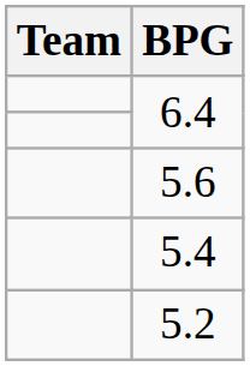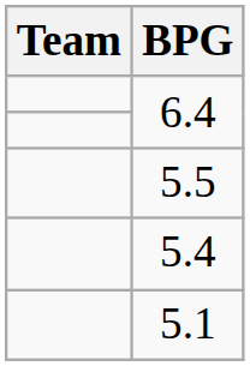 <table class=wikitable>
 <tr>
 <th>Team</th>
 <th>BPG</th>
 </tr>
 <tr>
 <td></td>
 <td align=center rowspan=2>6.4</td>
 </tr>
 <tr>
 <td></td>
 </tr>
 <tr>
 <td></td>
-<td align=center>5.6</td>
+<td align=center>5.5</td>
 </tr>
 <tr>
 <td></td>
 <td align=center>5.4</td>
 </tr>
 <tr>
 <td></td>
-<td align=center>5.2</td>
+<td align=center>5.1</td>
 </tr>
 </table>
